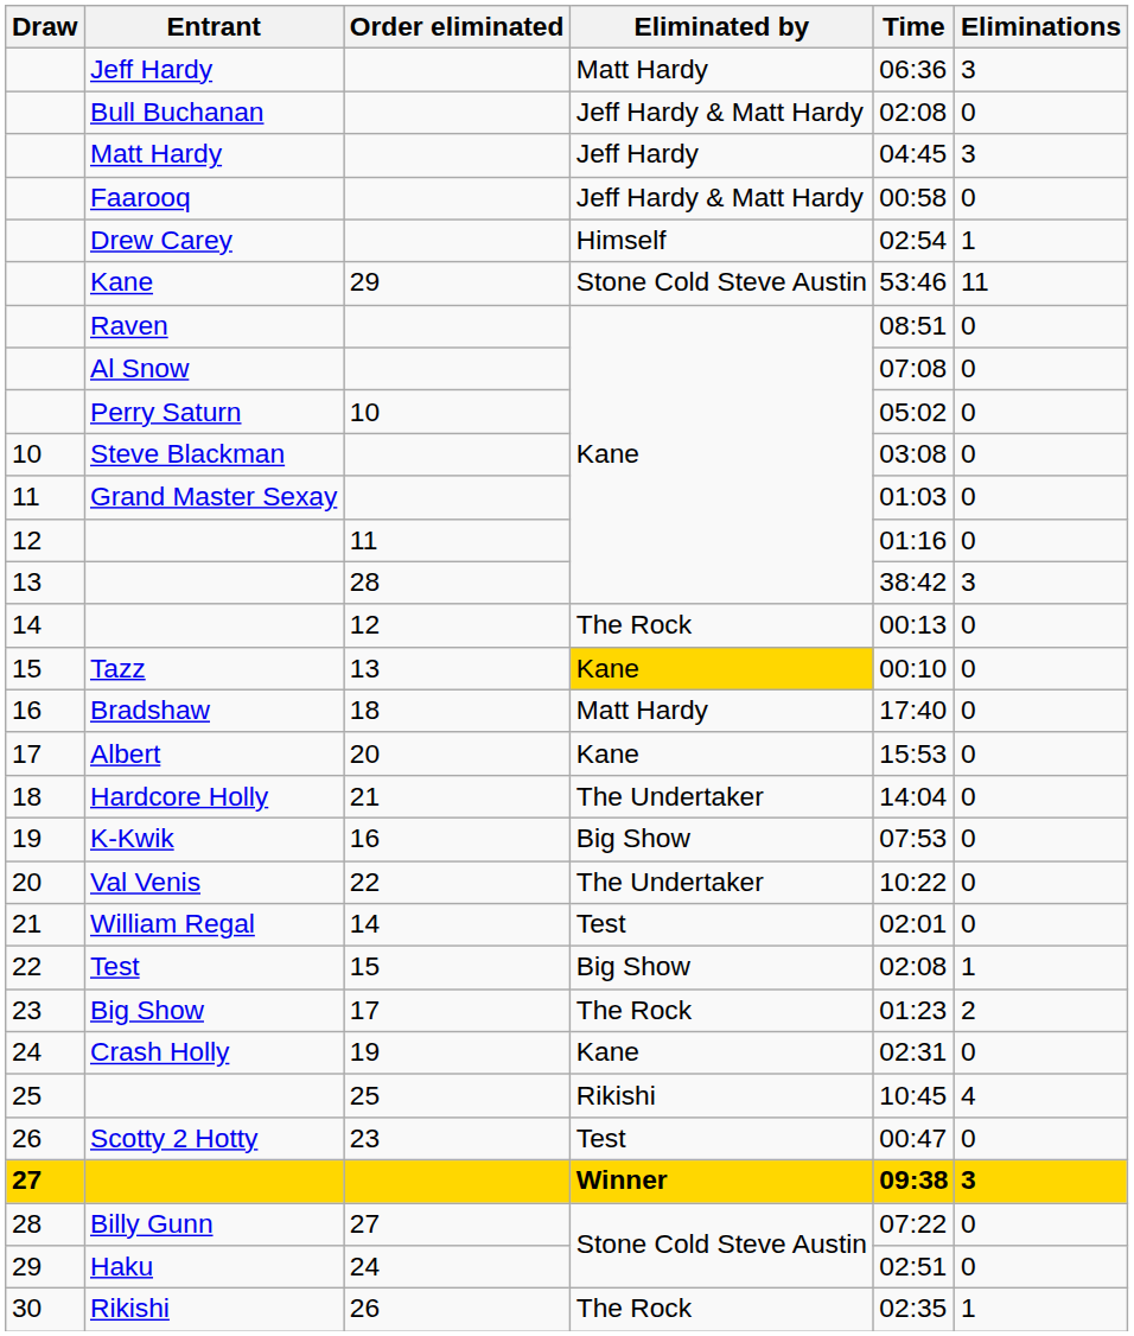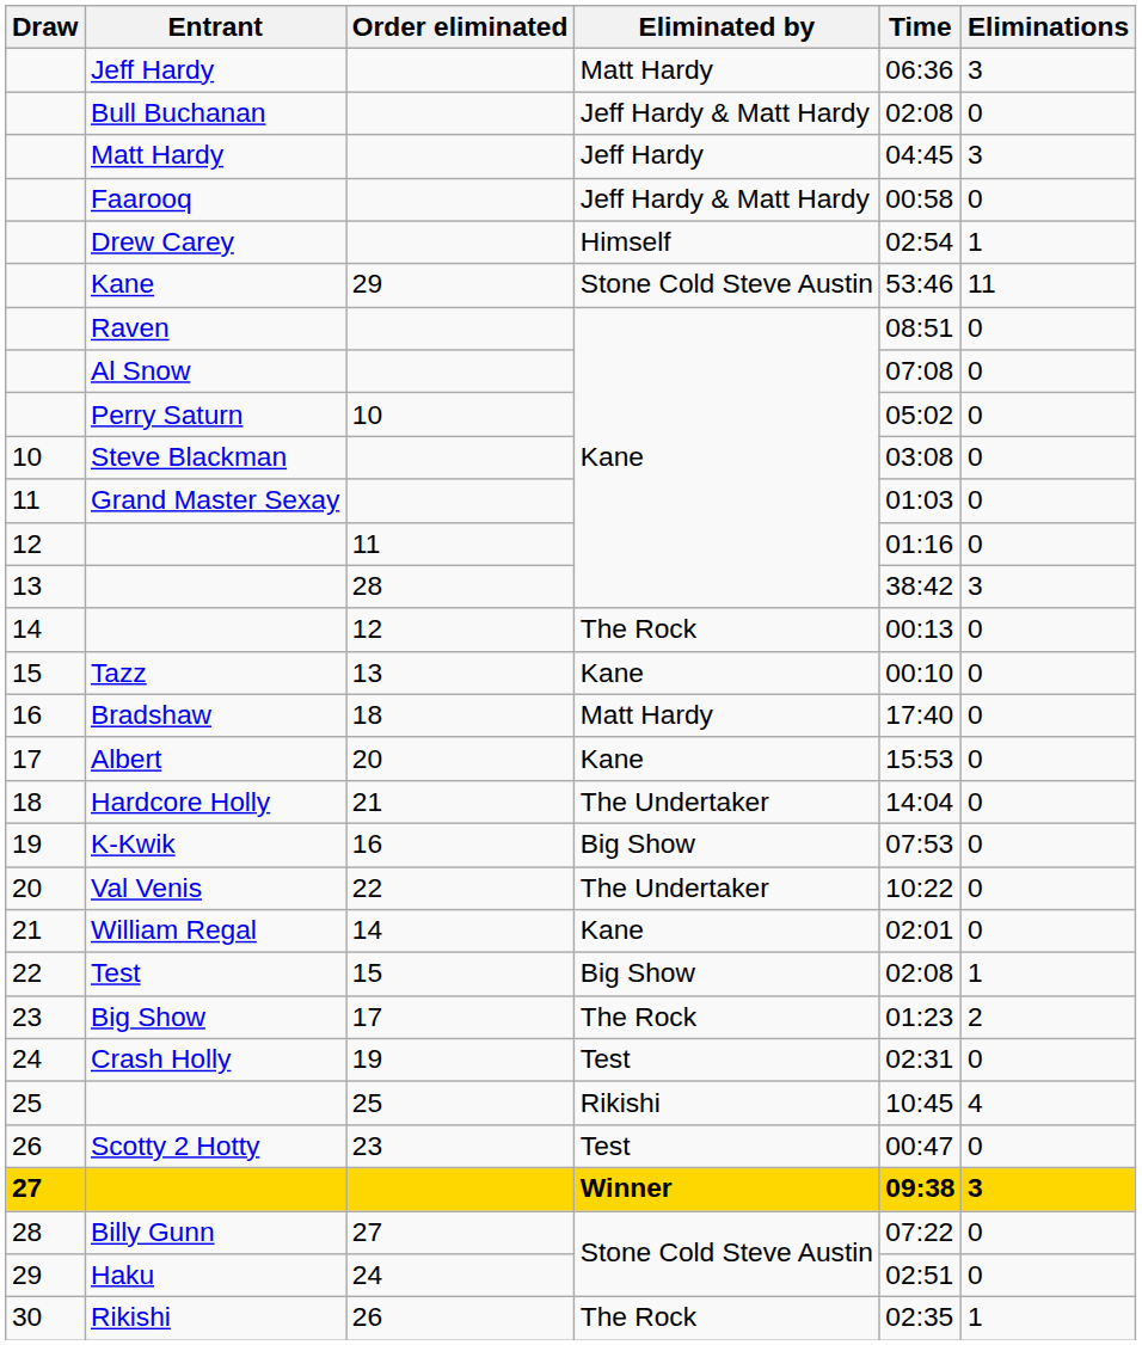 <table class="wikitable sortable">
 <tr>
 <th>Draw</th>
 <th>Entrant</th>
 <th>Order eliminated</th>
 <th>Eliminated by</th>
 <th>Time</th>
 <th>Eliminations</th>
 </tr>
 <tr>
 <td></td>
 <td><a href='#'>Jeff Hardy</a></td>
 <td></td>
 <td>Matt Hardy</td>
 <td>06:36</td>
 <td>3</td>
 </tr>
 <tr>
 <td></td>
 <td><a href='#'>Bull Buchanan</a></td>
 <td></td>
 <td>Jeff Hardy & Matt Hardy</td>
 <td>02:08</td>
 <td>0</td>
 </tr>
 <tr>
 <td></td>
 <td><a href='#'>Matt Hardy</a></td>
 <td></td>
 <td>Jeff Hardy</td>
 <td>04:45</td>
 <td>3</td>
 </tr>
 <tr>
 <td></td>
 <td><a href='#'>Faarooq</a></td>
 <td></td>
 <td>Jeff Hardy & Matt Hardy</td>
 <td>00:58</td>
 <td>0</td>
 </tr>
 <tr>
 <td></td>
 <td><a href='#'>Drew Carey</a></td>
 <td></td>
 <td>Himself</td>
 <td>02:54</td>
 <td>1</td>
 </tr>
 <tr>
 <td></td>
 <td><a href='#'>Kane</a></td>
 <td>29</td>
 <td>Stone Cold Steve Austin</td>
 <td>53:46</td>
 <td>11</td>
 </tr>
 <tr>
 <td></td>
 <td><a href='#'>Raven</a></td>
 <td></td>
 <td rowspan="7">Kane</td>
 <td>08:51</td>
 <td>0</td>
 </tr>
 <tr>
 <td></td>
 <td><a href='#'>Al Snow</a></td>
 <td></td>
 <td>07:08</td>
 <td>0</td>
 </tr>
 <tr>
 <td></td>
 <td><a href='#'>Perry Saturn</a></td>
 <td>10</td>
 <td>05:02</td>
 <td>0</td>
 </tr>
 <tr>
 <td>10</td>
 <td><a href='#'>Steve Blackman</a></td>
 <td></td>
 <td>03:08</td>
 <td>0</td>
 </tr>
 <tr>
 <td>11</td>
 <td><a href='#'>Grand Master Sexay</a></td>
 <td></td>
 <td>01:03</td>
 <td>0</td>
 </tr>
 <tr>
 <td>12</td>
 <td></td>
 <td>11</td>
 <td>01:16</td>
 <td>0</td>
 </tr>
 <tr>
 <td>13</td>
 <td></td>
 <td>28</td>
 <td>38:42</td>
 <td>3</td>
 </tr>
 <tr>
 <td>14</td>
 <td></td>
 <td>12</td>
 <td>The Rock</td>
 <td>00:13</td>
 <td>0</td>
 </tr>
 <tr>
 <td>15</td>
 <td><a href='#'>Tazz</a></td>
 <td>13</td>
-<td style="background: gold;">Kane</td>
+<td>Kane</td>
 <td>00:10</td>
 <td>0</td>
 </tr>
 <tr>
 <td>16</td>
 <td><a href='#'>Bradshaw</a></td>
 <td>18</td>
 <td>Matt Hardy</td>
 <td>17:40</td>
 <td>0</td>
 </tr>
 <tr>
 <td>17</td>
 <td><a href='#'>Albert</a></td>
 <td>20</td>
 <td>Kane</td>
 <td>15:53</td>
 <td>0</td>
 </tr>
 <tr>
 <td>18</td>
 <td><a href='#'>Hardcore Holly</a></td>
 <td>21</td>
 <td>The Undertaker</td>
 <td>14:04</td>
 <td>0</td>
 </tr>
 <tr>
 <td>19</td>
 <td><a href='#'>K-Kwik</a></td>
 <td>16</td>
 <td>Big Show</td>
 <td>07:53</td>
 <td>0</td>
 </tr>
 <tr>
 <td>20</td>
 <td><a href='#'>Val Venis</a></td>
 <td>22</td>
 <td>The Undertaker</td>
 <td>10:22</td>
 <td>0</td>
 </tr>
 <tr>
 <td>21</td>
 <td><a href='#'>William Regal</a></td>
 <td>14</td>
-<td>Test</td>
+<td>Kane</td>
 <td>02:01</td>
 <td>0</td>
 </tr>
 <tr>
 <td>22</td>
 <td><a href='#'>Test</a></td>
 <td>15</td>
 <td>Big Show</td>
 <td>02:08</td>
 <td>1</td>
 </tr>
 <tr>
 <td>23</td>
 <td><a href='#'>Big Show</a></td>
 <td>17</td>
 <td>The Rock</td>
 <td>01:23</td>
 <td>2</td>
 </tr>
 <tr>
 <td>24</td>
 <td><a href='#'>Crash Holly</a></td>
 <td>19</td>
-<td>Kane</td>
+<td>Test</td>
 <td>02:31</td>
 <td>0</td>
 </tr>
 <tr>
 <td>25</td>
 <td></td>
 <td>25</td>
 <td>Rikishi</td>
 <td>10:45</td>
 <td>4</td>
 </tr>
 <tr>
 <td>26</td>
 <td><a href='#'>Scotty 2 Hotty</a></td>
 <td>23</td>
 <td>Test</td>
 <td>00:47</td>
 <td>0</td>
 </tr>
 <tr style="background: gold">
 <td><strong>27</strong></td>
 <td><strong></strong></td>
 <td><strong></strong></td>
 <td><strong>Winner</strong></td>
 <td><strong>09:38</strong></td>
 <td><strong>3</strong></td>
 </tr>
 <tr>
 <td>28</td>
 <td><a href='#'>Billy Gunn</a></td>
 <td>27</td>
 <td rowspan="2">Stone Cold Steve Austin</td>
 <td>07:22</td>
 <td>0</td>
 </tr>
 <tr>
 <td>29</td>
 <td><a href='#'>Haku</a></td>
 <td>24</td>
 <td>02:51</td>
 <td>0</td>
 </tr>
 <tr>
 <td>30</td>
 <td><a href='#'>Rikishi</a></td>
 <td>26</td>
 <td>The Rock</td>
 <td>02:35</td>
 <td>1</td>
 </tr>
 </table>
